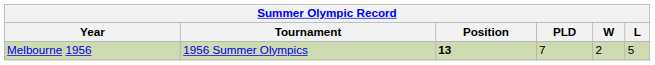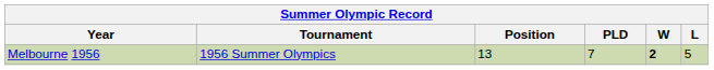 <table class="wikitable" style="text-align:left;" width=70%>
 <tr>
 <th colspan=9><a href='#'>Summer Olympic Record</a></th>
 </tr>
 <tr>
 <th>Year</th>
 <th>Tournament</th>
 <th>Position</th>
 <th>PLD</th>
 <th>W</th>
 <th>L</th>
 </tr>
 <tr valign="top" bgcolor="#CEDAB0">
 <td> <a href='#'>Melbourne</a> <a href='#'>1956</a></td>
 <td><a href='#'>1956 Summer Olympics</a></td>
-<td><strong>13</strong></td>
+<td>13</td>
 <td>7</td>
-<td>2</td>
+<td><strong>2</strong></td>
 <td>5</td>
 </tr>
 </table>
